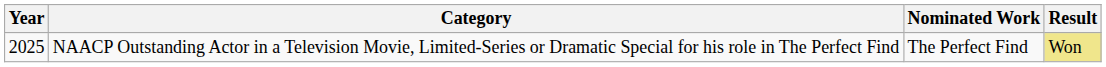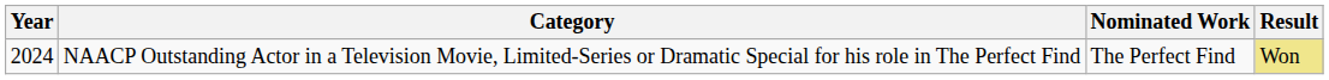 <table class="wikitable">
 <tr>
 <th>Year</th>
 <th>Category</th>
 <th>Nominated Work</th>
 <th>Result</th>
 </tr>
 <tr>
-<td>2025</td>
+<td>2024</td>
 <td>NAACP Outstanding Actor in a Television Movie, Limited-Series or Dramatic Special for his role in The Perfect Find</td>
 <td>The Perfect Find</td>
 <td style="background: khaki;">Won</td>
 </tr>
 </table>
